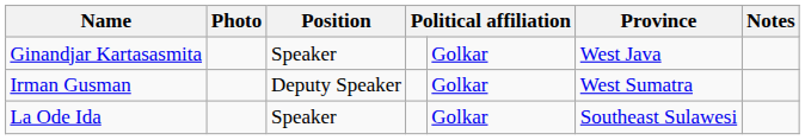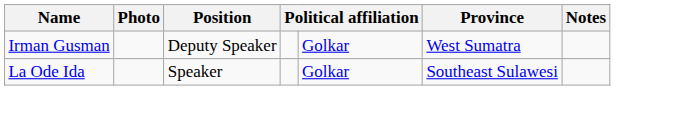 <table class="wikitable">
 <tr>
 <th>Name</th>
 <th>Photo</th>
 <th>Position</th>
 <th colspan="2">Political affiliation</th>
 <th>Province</th>
 <th>Notes</th>
-</tr>
-<tr>
-<td><a href='#'>Ginandjar Kartasasmita</a></td>
-<td></td>
-<td>Speaker</td>
-<td style="background-color:"></td>
-<td><a href='#'>Golkar</a></td>
-<td><a href='#'>West Java</a></td>
-<td></td>
 </tr>
 <tr>
 <td><a href='#'>Irman Gusman</a></td>
 <td></td>
 <td>Deputy Speaker</td>
 <td style="background-color:"></td>
 <td><a href='#'>Golkar</a></td>
 <td><a href='#'>West Sumatra</a></td>
 <td></td>
 </tr>
 <tr>
 <td><a href='#'>La Ode Ida</a></td>
 <td></td>
 <td>Speaker</td>
 <td style="background-color:"></td>
 <td><a href='#'>Golkar</a></td>
 <td><a href='#'>Southeast Sulawesi</a></td>
 <td></td>
 </tr>
 </table>
